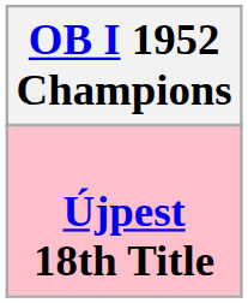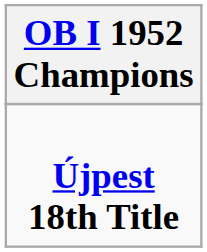 <table class="wikitable" style="text-align: center; margin: 0 auto;">
 <tr>
 <th><a href='#'>OB I</a> 1952<br>Champions</th>
 </tr>
 <tr>
 </tr>
 <tr>
-<td style="background: pink;"> <br><strong><a href='#'>Újpest</a></strong><br><strong>18th Title</strong></td>
+<td> <br><strong><a href='#'>Újpest</a></strong><br><strong>18th Title</strong></td>
 </tr>
 </table>
